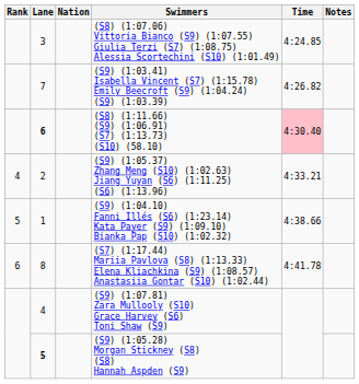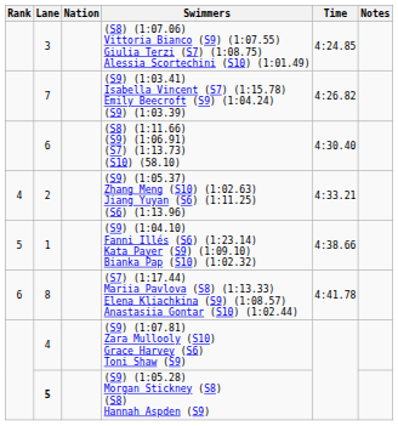 <table class="wikitable sortable" style="text-align:center">
 <tr>
 <th>Rank</th>
 <th>Lane</th>
 <th>Nation</th>
 <th>Swimmers</th>
 <th>Time</th>
 <th>Notes</th>
 </tr>
 <tr>
 <td></td>
 <td>3</td>
 <td align=left></td>
 <td align=left> (<a href='#'>S8</a>) (1:07.06)<br><a href='#'>Vittoria Bianco</a> (<a href='#'>S9</a>) (1:07.55)<br><a href='#'>Giulia Terzi</a> (<a href='#'>S7</a>) (1:08.75)<br><a href='#'>Alessia Scortechini</a> (<a href='#'>S10</a>) (1:01.49)</td>
 <td>4:24.85</td>
 <td></td>
 </tr>
 <tr>
 <td></td>
 <td>7</td>
 <td align=left></td>
 <td align=left> (<a href='#'>S9</a>) (1:03.41)<br><a href='#'>Isabella Vincent</a> (<a href='#'>S7</a>) (1:15.78)<br><a href='#'>Emily Beecroft</a> (<a href='#'>S9</a>) (1:04.24)<br> (<a href='#'>S9</a>) (1:03.39)</td>
 <td>4:26.82</td>
 <td></td>
 </tr>
 <tr>
 <td></td>
-<td><strong>6</strong></td>
+<td>6</td>
 <td align=left></td>
 <td align=left> (<a href='#'>S8</a>) (1:11.66)<br> (<a href='#'>S9</a>) (1:06.91)<br> (<a href='#'>S7</a>) (1:13.73)<br> (<a href='#'>S10</a>) (58.10)</td>
-<td style="background: pink;">4:30.40</td>
+<td>4:30.40</td>
 <td></td>
 </tr>
 <tr>
 <td>4</td>
 <td>2</td>
 <td align=left></td>
 <td align=left> (<a href='#'>S9</a>) (1:05.37)<br><a href='#'>Zhang Meng</a> (<a href='#'>S10</a>) (1:02.63)<br><a href='#'>Jiang Yuyan</a> (<a href='#'>S6</a>) (1:11.25)<br> (<a href='#'>S6</a>) (1:13.96)</td>
 <td>4:33.21</td>
 <td></td>
 </tr>
 <tr>
 <td>5</td>
 <td>1</td>
 <td align=left></td>
 <td align=left> (<a href='#'>S9</a>) (1:04.10)<br><a href='#'>Fanni Illés</a> (<a href='#'>S6</a>) (1:23.14)<br><a href='#'>Kata Payer</a> (<a href='#'>S9</a>) (1:09.10)<br><a href='#'>Bianka Pap</a> (<a href='#'>S10</a>) (1:02.32)</td>
 <td>4:38.66</td>
 <td></td>
 </tr>
 <tr>
 <td>6</td>
 <td>8</td>
 <td align=left></td>
 <td align=left> (<a href='#'>S7</a>) (1:17.44)<br><a href='#'>Mariia Pavlova</a> (<a href='#'>S8</a>) (1:13.33)<br><a href='#'>Elena Kliachkina</a> (<a href='#'>S9</a>) (1:08.57)<br><a href='#'>Anastasiia Gontar</a> (<a href='#'>S10</a>) (1:02.44)</td>
 <td>4:41.78</td>
 <td></td>
 </tr>
 <tr>
 <td rowspan=2></td>
 <td>4</td>
 <td align=left></td>
 <td align=left> (<a href='#'>S9</a>) (1:07.81)<br><a href='#'>Zara Mullooly</a> (<a href='#'>S10</a>)<br><a href='#'>Grace Harvey</a> (<a href='#'>S6</a>)<br><a href='#'>Toni Shaw</a> (<a href='#'>S9</a>)</td>
 <td rowspan=2></td>
 <td></td>
 </tr>
 <tr>
 <td><strong>5</strong></td>
 <td align=left></td>
 <td align=left> (<a href='#'>S9</a>) (1:05.28)<br><a href='#'>Morgan Stickney</a> (<a href='#'>S8</a>)<br> (<a href='#'>S8</a>)<br><a href='#'>Hannah Aspden</a> (<a href='#'>S9</a>)</td>
 <td></td>
 </tr>
 </table>
